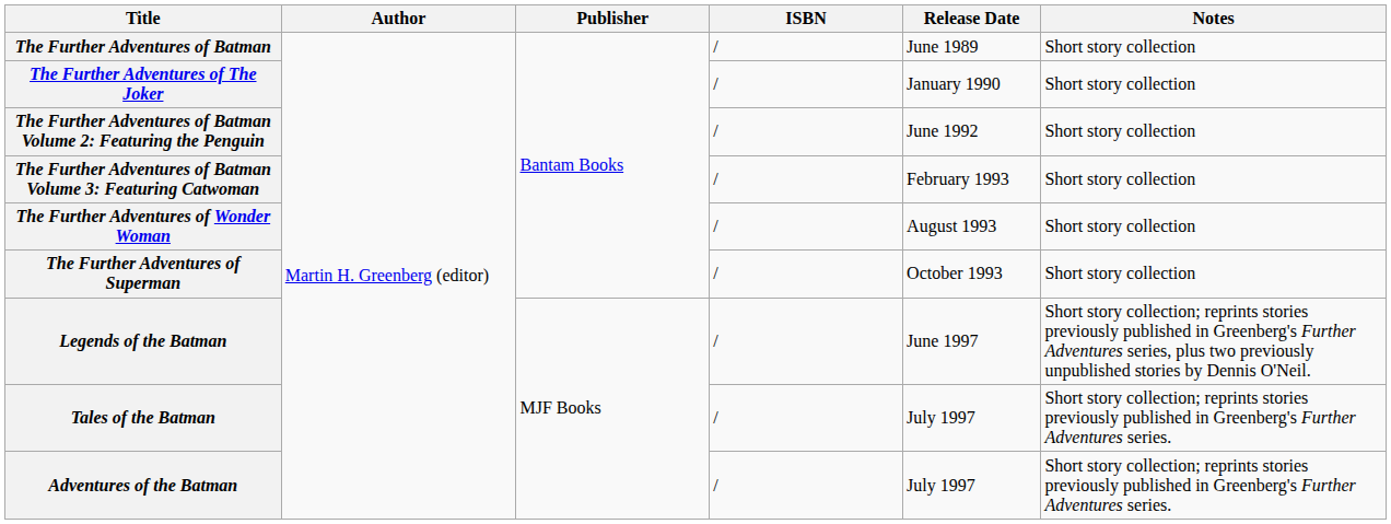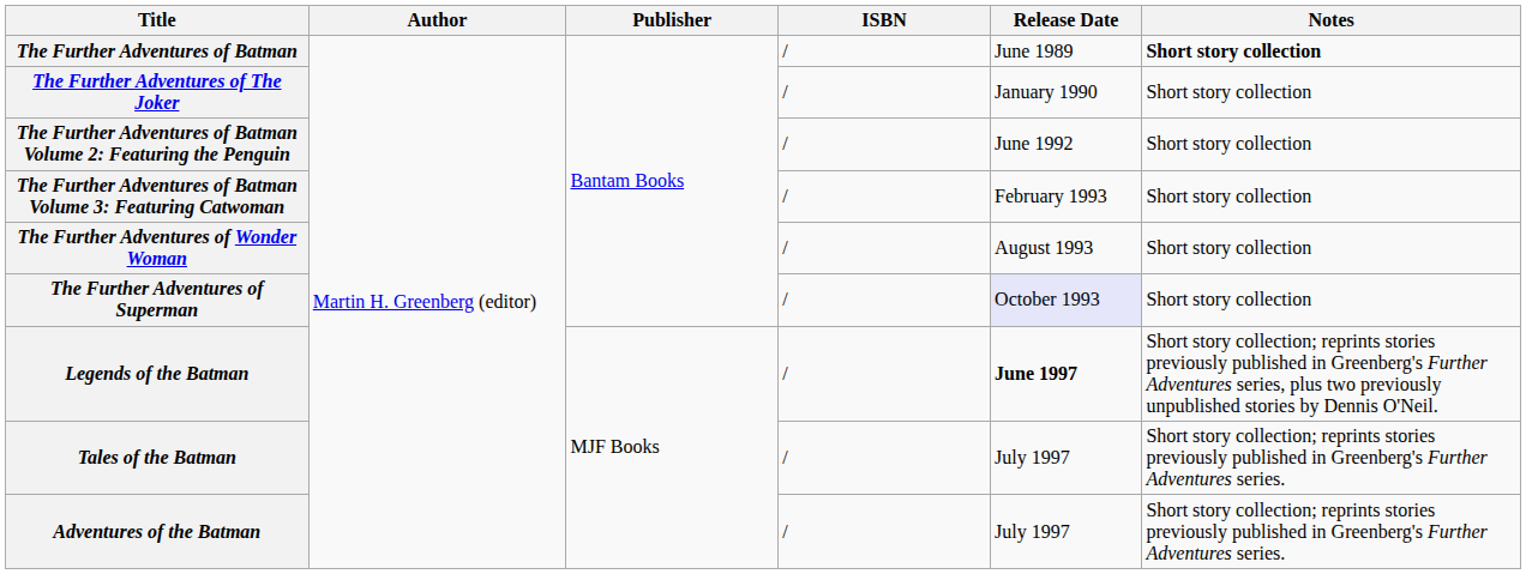 <table class="wikitable" width=100%>
 <tr>
 <th width=20%>Title</th>
 <th width=17%>Author</th>
 <th width=14%>Publisher</th>
 <th width=14%>ISBN</th>
 <th width=10%>Release Date</th>
 <th width=25%>Notes</th>
 </tr>
 <tr>
 <th><em>The Further Adventures of Batman</em></th>
 <td rowspan="9"><a href='#'>Martin H. Greenberg</a> (editor)</td>
 <td rowspan="6"><a href='#'>Bantam Books</a></td>
 <td> / </td>
 <td>June 1989</td>
-<td>Short story collection</td>
+<td><strong>Short story collection</strong></td>
 </tr>
 <tr>
 <th><em><a href='#'>The Further Adventures of The Joker</a></em></th>
 <td> / </td>
 <td>January 1990</td>
 <td>Short story collection</td>
 </tr>
 <tr>
 <th><em>The Further Adventures of Batman Volume 2: Featuring the Penguin</em></th>
 <td> / </td>
 <td>June 1992</td>
 <td>Short story collection</td>
 </tr>
 <tr>
 <th><em>The Further Adventures of Batman Volume 3: Featuring Catwoman</em></th>
 <td> / </td>
 <td>February 1993</td>
 <td>Short story collection</td>
 </tr>
 <tr>
 <th><em>The Further Adventures of <a href='#'>Wonder Woman</a></em></th>
 <td> / </td>
 <td>August 1993</td>
 <td>Short story collection</td>
 </tr>
 <tr>
 <th><em>The Further Adventures of Superman</em></th>
 <td> / </td>
-<td>October 1993</td>
+<td style="background: lavender;">October 1993</td>
 <td>Short story collection</td>
 </tr>
 <tr>
 <th><em>Legends of the Batman</em></th>
 <td rowspan="3">MJF Books</td>
 <td> / </td>
-<td>June 1997</td>
+<td><strong>June 1997</strong></td>
 <td>Short story collection; reprints stories previously published in Greenberg's <em>Further Adventures</em> series, plus two previously unpublished stories by Dennis O'Neil.</td>
 </tr>
 <tr>
 <th><em>Tales of the Batman</em></th>
 <td> / </td>
 <td>July 1997</td>
 <td>Short story collection; reprints stories previously published in Greenberg's <em>Further Adventures</em> series.</td>
 </tr>
 <tr>
 <th><em>Adventures of the Batman</em></th>
 <td> / </td>
 <td>July 1997</td>
 <td>Short story collection; reprints stories previously published in Greenberg's <em>Further Adventures</em> series.</td>
 </tr>
 </table>
